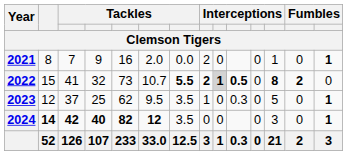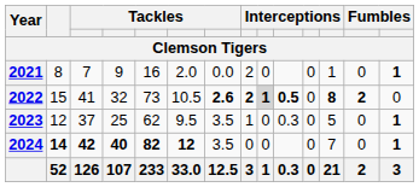 <table class="wikitable sortable" style="text-align:center;">
 <tr>
 <th rowspan="2">Year</th>
 <th colspan="1" rowspan="2"></th>
 <th colspan="5">Tackles</th>
 <th colspan="5">Interceptions</th>
 <th colspan="2">Fumbles</th>
 </tr>
 <tr>
 <th></th>
 <th></th>
 <th></th>
 <th></th>
 <th></th>
 <th></th>
 <th></th>
 <th></th>
 <th></th>
 <th></th>
 <th></th>
 <th></th>
 </tr>
 <tr>
 <th colspan="14">Clemson Tigers</th>
 </tr>
 <tr>
 <th><a href='#'>2021</a></th>
 <td>8</td>
 <td>7</td>
 <td>9</td>
 <td>16</td>
 <td>2.0</td>
 <td>0.0</td>
 <td>2</td>
 <td>0</td>
 <td></td>
 <td>0</td>
 <td>1</td>
 <td>0</td>
 <td><strong>1</strong></td>
 </tr>
 <tr>
 <th><a href='#'>2022</a></th>
 <td>15</td>
 <td>41</td>
 <td>32</td>
 <td>73</td>
-<td>10.7</td>
-<td><strong>5.5</strong></td>
+<td>10.5</td>
+<td><strong>2.6</strong></td>
 <td><strong>2</strong></td>
 <td style="background: lightgrey;"><strong>1</strong></td>
 <td><strong>0.5</strong></td>
 <td>0</td>
 <td><strong>8</strong></td>
 <td><strong>2</strong></td>
 <td>0</td>
 </tr>
 <tr>
 <th><a href='#'>2023</a></th>
 <td>12</td>
 <td>37</td>
 <td>25</td>
 <td>62</td>
 <td>9.5</td>
 <td>3.5</td>
 <td>1</td>
 <td>0</td>
 <td>0.3</td>
 <td>0</td>
 <td>5</td>
 <td>0</td>
 <td><strong>1</strong></td>
 </tr>
 <tr>
 <th><a href='#'>2024</a></th>
 <td><strong>14</strong></td>
 <td><strong>42</strong></td>
 <td><strong>40</strong></td>
 <td><strong>82</strong></td>
 <td><strong>12</strong></td>
 <td>3.5</td>
 <td>0</td>
 <td>0</td>
 <td></td>
 <td>0</td>
-<td>3</td>
+<td>7</td>
 <td>0</td>
 <td><strong>1</strong></td>
 </tr>
 <tr>
 <th></th>
 <th>52</th>
 <th>126</th>
 <th>107</th>
 <th>233</th>
 <th>33.0</th>
 <th>12.5</th>
 <th>3</th>
 <th>1</th>
 <th>0.3</th>
 <th>0</th>
 <th>21</th>
 <th>2</th>
 <th>3</th>
 </tr>
 </table>
